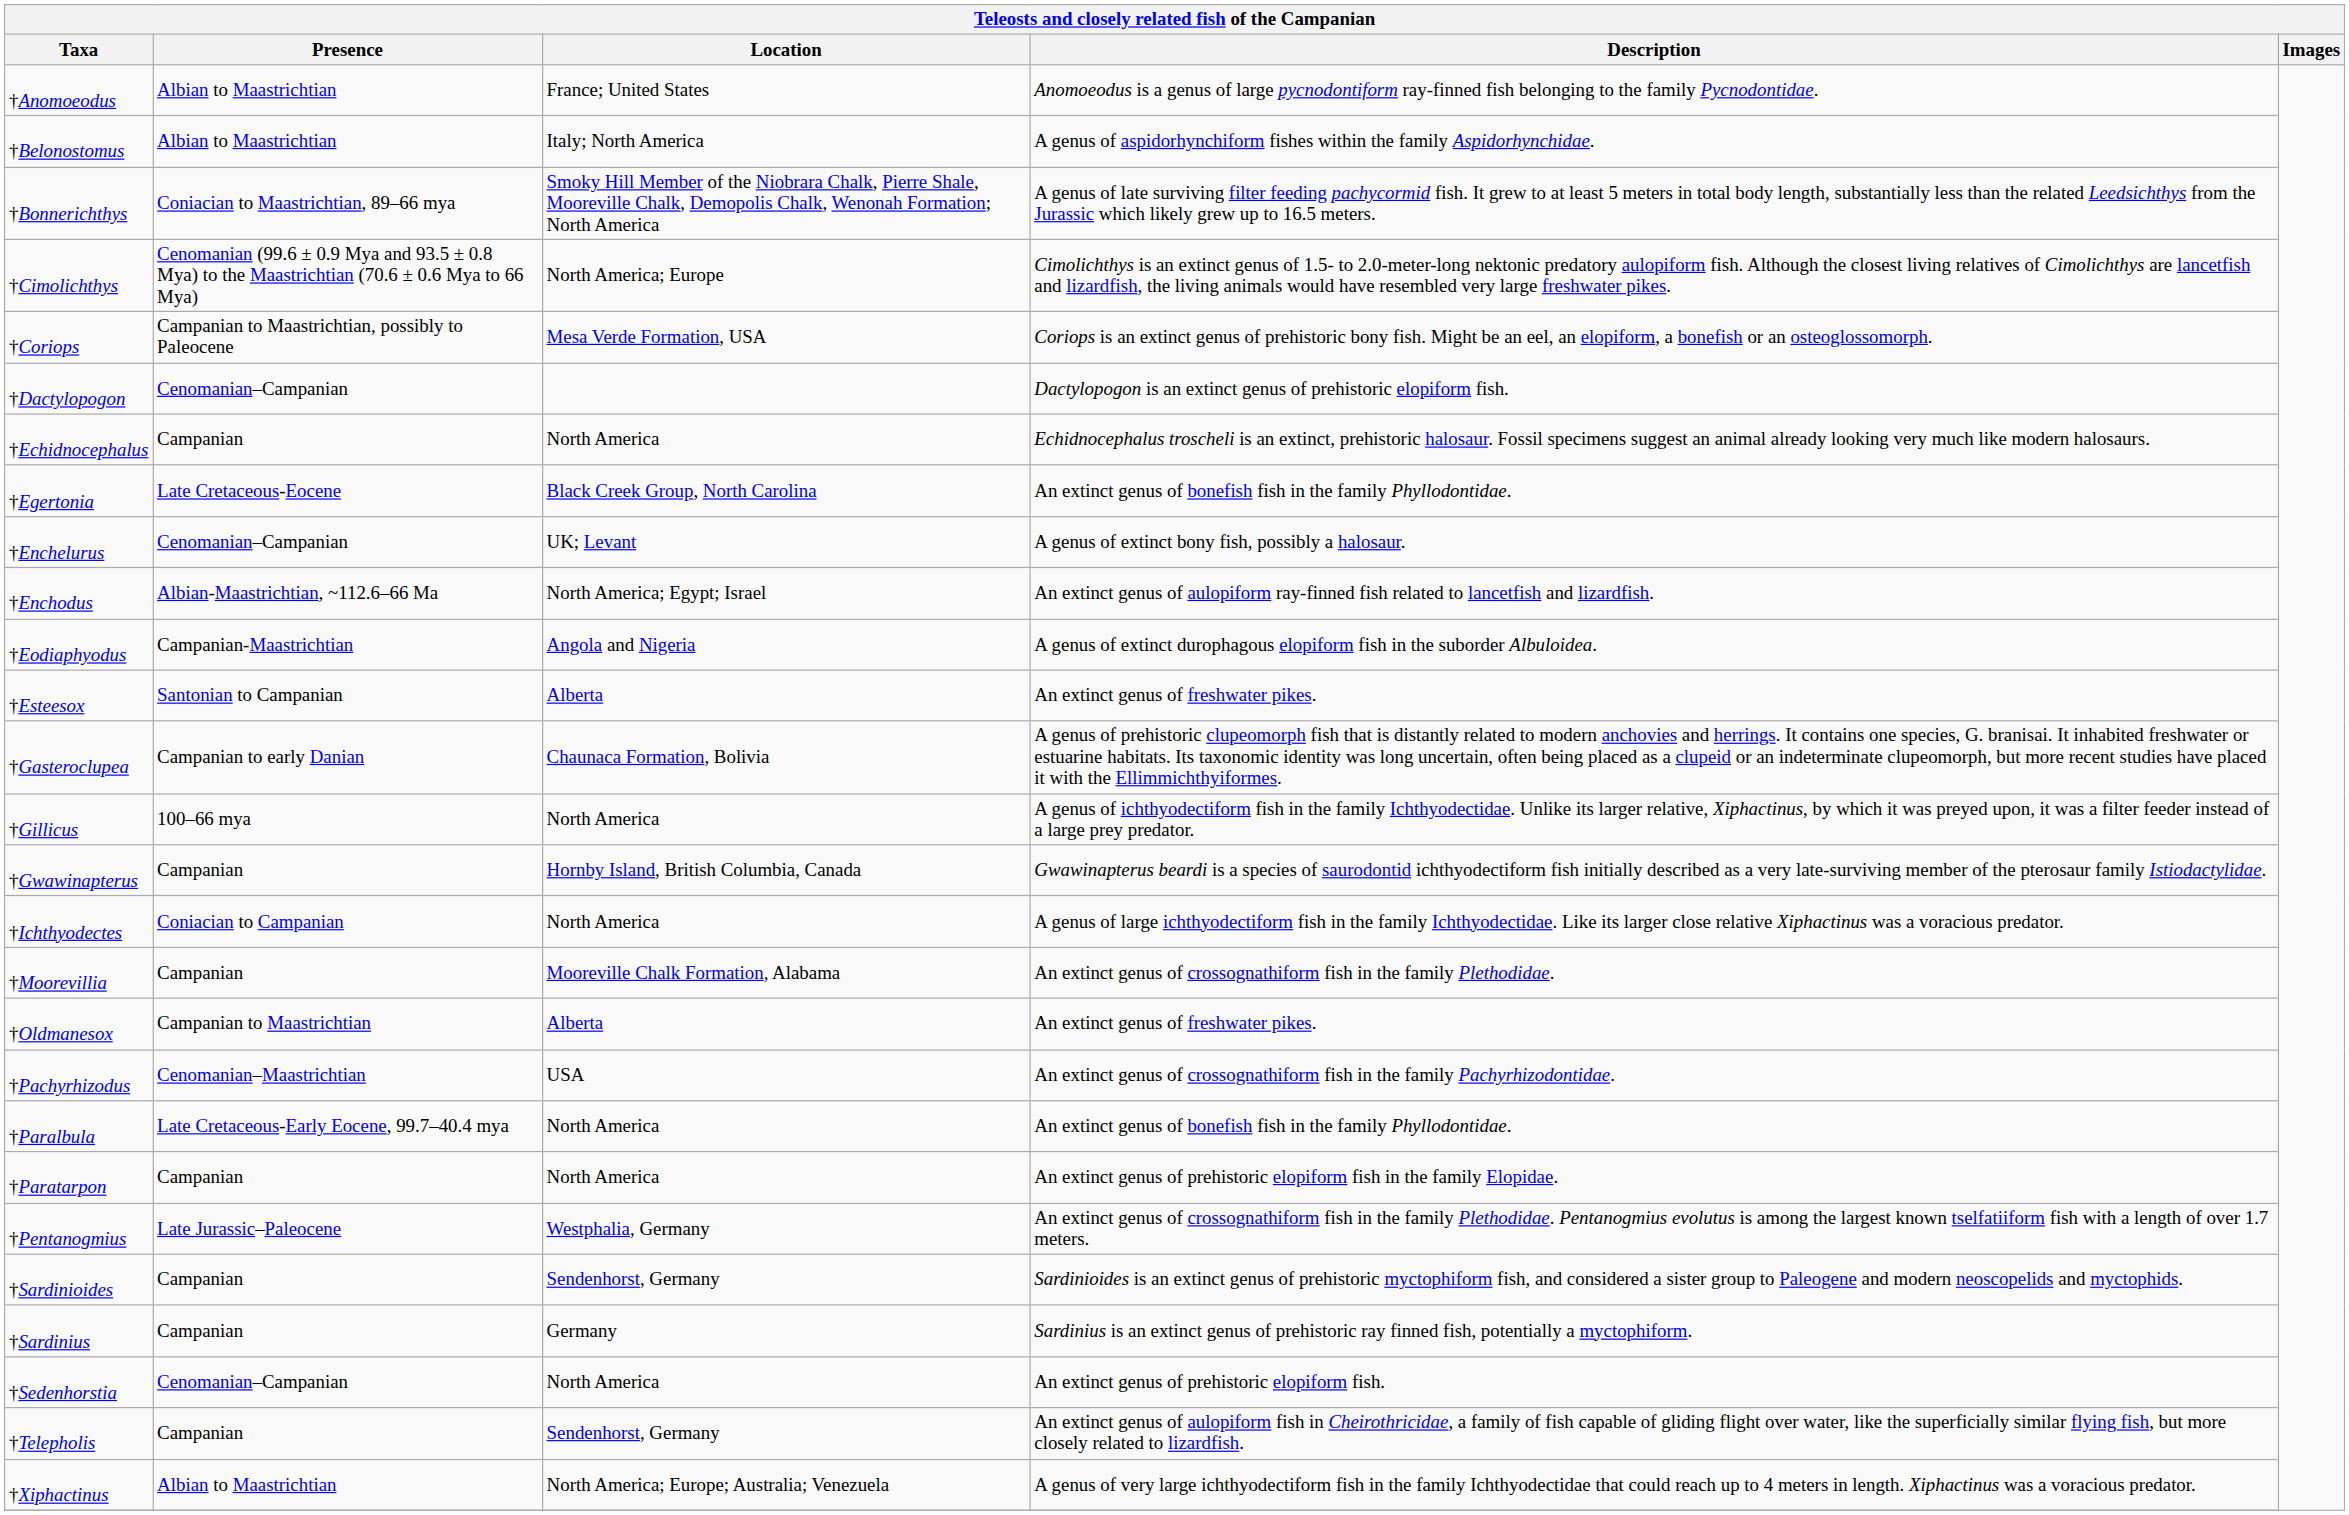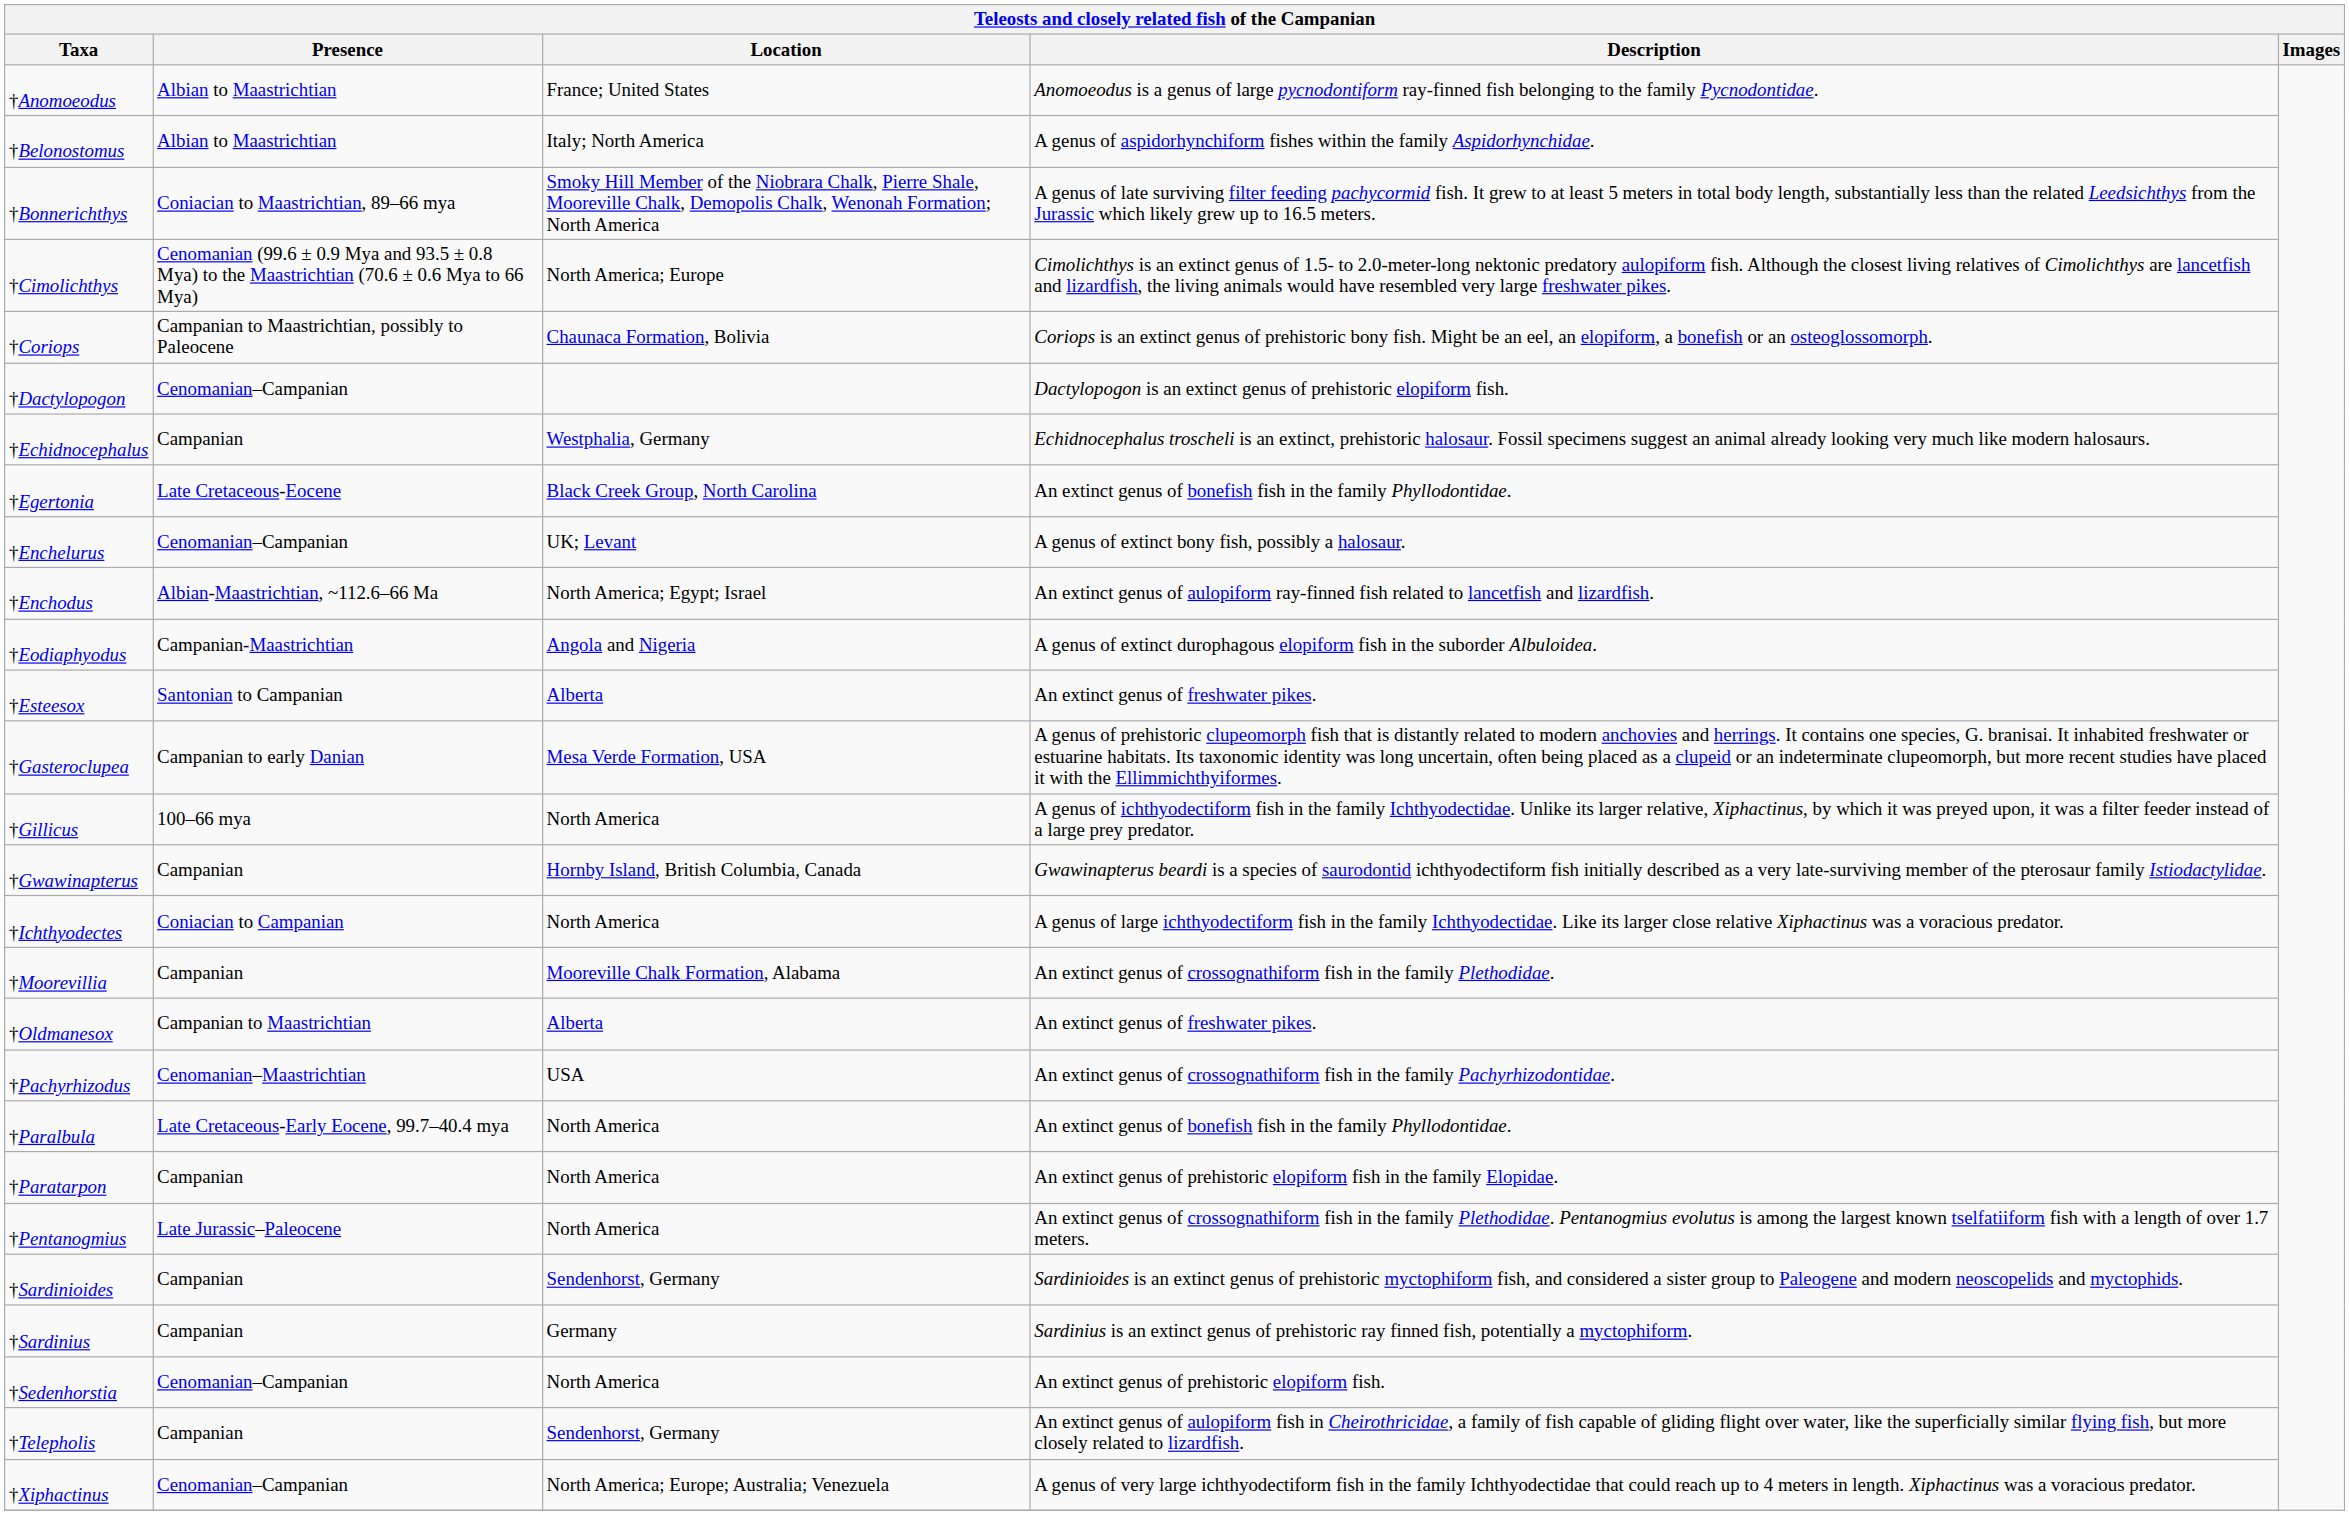 <table class="wikitable" align="center" width="100%">
 <tr>
 <th colspan="5" align="center"><a href='#'>Teleosts and closely related fish</a> of the Campanian</th>
 </tr>
 <tr>
 <th>Taxa</th>
 <th>Presence</th>
 <th>Location</th>
 <th>Description</th>
 <th>Images</th>
 </tr>
 <tr>
 <td><br>†<em><a href='#'>Anomoeodus</a></em></td>
 <td><a href='#'>Albian</a> to <a href='#'>Maastrichtian</a></td>
 <td>France; United States</td>
 <td><em>Anomoeodus</em> is a genus of large <em><a href='#'>pycnodontiform</a></em> ray-finned fish belonging to the family <em><a href='#'>Pycnodontidae</a></em>.</td>
 <td rowspan="99"><br>       </td>
 </tr>
 <tr>
 <td><br>†<em><a href='#'>Belonostomus</a></em></td>
 <td><a href='#'>Albian</a> to <a href='#'>Maastrichtian</a></td>
 <td>Italy; North America</td>
 <td>A genus of <a href='#'>aspidorhynchiform</a> fishes within the family <em><a href='#'>Aspidorhynchidae</a></em>.</td>
 </tr>
 <tr>
 <td><br>†<em><a href='#'>Bonnerichthys</a></em></td>
 <td><a href='#'>Coniacian</a> to <a href='#'>Maastrichtian</a>, 89–66 mya</td>
 <td><a href='#'>Smoky Hill Member</a> of the <a href='#'>Niobrara Chalk</a>, <a href='#'>Pierre Shale</a>, <a href='#'>Mooreville Chalk</a>, <a href='#'>Demopolis Chalk</a>, <a href='#'>Wenonah Formation</a>; North America</td>
 <td>A genus of late surviving <a href='#'>filter feeding</a> <em><a href='#'>pachycormid</a></em> fish. It grew to at least 5 meters in total body length, substantially less than the related <em><a href='#'>Leedsichthys</a></em> from the <a href='#'>Jurassic</a> which likely grew up to 16.5 meters.</td>
 </tr>
 <tr>
 <td><br>†<em><a href='#'>Cimolichthys</a></em></td>
 <td><a href='#'>Cenomanian</a> (99.6 ± 0.9 Mya and 93.5 ± 0.8 Mya) to the <a href='#'>Maastrichtian</a> (70.6 ± 0.6 Mya to 66 Mya)</td>
 <td>North America; Europe</td>
 <td><em>Cimolichthys</em> is an extinct genus of 1.5- to 2.0-meter-long nektonic predatory <a href='#'>aulopiform</a> fish. Although the closest living relatives of <em>Cimolichthys</em> are <a href='#'>lancetfish</a> and <a href='#'>lizardfish</a>, the living animals would have resembled very large <a href='#'>freshwater pikes</a>.</td>
 </tr>
 <tr>
 <td><br>†<em><a href='#'>Coriops</a></em></td>
 <td>Campanian to Maastrichtian, possibly to Paleocene</td>
-<td><a href='#'>Mesa Verde Formation</a>, USA</td>
+<td><a href='#'>Chaunaca Formation</a>, Bolivia</td>
 <td><em>Coriops</em> is an extinct genus of prehistoric bony fish. Might be an eel, an <a href='#'>elopiform</a>, a <a href='#'>bonefish</a> or an <a href='#'>osteoglossomorph</a>.</td>
 </tr>
 <tr>
 <td><br>†<em><a href='#'>Dactylopogon</a></em></td>
 <td><a href='#'>Cenomanian</a>–Campanian</td>
 <td></td>
 <td><em>Dactylopogon</em> is an extinct genus of prehistoric <a href='#'>elopiform</a> fish.</td>
 </tr>
 <tr>
 <td><br>†<em><a href='#'>Echidnocephalus</a></em></td>
 <td>Campanian</td>
-<td>North America</td>
+<td><a href='#'>Westphalia</a>, Germany</td>
 <td><em>Echidnocephalus troscheli</em> is an extinct, prehistoric <a href='#'>halosaur</a>. Fossil specimens suggest an animal already looking very much like modern halosaurs.</td>
 </tr>
 <tr>
 <td><br>†<em><a href='#'>Egertonia</a></em></td>
 <td><a href='#'>Late Cretaceous</a>-<a href='#'>Eocene</a></td>
 <td><a href='#'>Black Creek Group</a>, <a href='#'>North Carolina</a></td>
 <td>An extinct genus of <a href='#'>bonefish</a> fish in the family <em>Phyllodontidae</em>.</td>
 </tr>
 <tr>
 <td><br>†<em><a href='#'>Enchelurus</a></em></td>
 <td><a href='#'>Cenomanian</a>–Campanian</td>
 <td>UK; <a href='#'>Levant</a></td>
 <td>A genus of extinct bony fish, possibly a <a href='#'>halosaur</a>.</td>
 </tr>
 <tr>
 <td><br>†<em><a href='#'>Enchodus</a></em></td>
 <td><a href='#'>Albian</a>-<a href='#'>Maastrichtian</a>, ~112.6–66 Ma</td>
 <td>North America; Egypt; Israel</td>
 <td>An extinct genus of <a href='#'>aulopiform</a> ray-finned fish related to <a href='#'>lancetfish</a> and <a href='#'>lizardfish</a>.</td>
 </tr>
 <tr>
 <td><br>†<em><a href='#'>Eodiaphyodus</a></em></td>
 <td>Campanian-<a href='#'>Maastrichtian</a></td>
 <td><a href='#'>Angola</a> and <a href='#'>Nigeria</a></td>
 <td>A genus of extinct durophagous <a href='#'>elopiform</a> fish in the suborder <em>Albuloidea</em>.</td>
 </tr>
 <tr>
 <td><br>†<em><a href='#'>Esteesox</a></em></td>
 <td><a href='#'>Santonian</a> to Campanian</td>
 <td><a href='#'>Alberta</a></td>
 <td>An extinct genus of <a href='#'>freshwater pikes</a>.</td>
 </tr>
 <tr>
 <td><br>†<em><a href='#'>Gasteroclupea</a></em></td>
 <td>Campanian to early <a href='#'>Danian</a></td>
-<td><a href='#'>Chaunaca Formation</a>, Bolivia</td>
+<td><a href='#'>Mesa Verde Formation</a>, USA</td>
 <td>A genus of prehistoric <a href='#'>clupeomorph</a> fish that is distantly related to modern <a href='#'>anchovies</a> and <a href='#'>herrings</a>. It contains one species, G. branisai. It inhabited freshwater or estuarine habitats. Its taxonomic identity was long uncertain, often being placed as a <a href='#'>clupeid</a> or an indeterminate clupeomorph, but more recent studies have placed it with the <a href='#'>Ellimmichthyiformes</a>.</td>
 </tr>
 <tr>
 <td><br>†<em><a href='#'>Gillicus</a></em></td>
 <td>100–66 mya</td>
 <td>North America</td>
 <td>A genus of <a href='#'>ichthyodectiform</a> fish in the family <a href='#'>Ichthyodectidae</a>. Unlike its larger relative, <em>Xiphactinus</em>, by which it was preyed upon, it was a filter feeder instead of a large prey predator.</td>
 </tr>
 <tr>
 <td><br>†<em><a href='#'>Gwawinapterus</a></em></td>
 <td>Campanian</td>
 <td><a href='#'>Hornby Island</a>, British Columbia, Canada</td>
 <td><em>Gwawinapterus beardi</em> is a species of <a href='#'>saurodontid</a> ichthyodectiform fish initially described as a very late-surviving member of the pterosaur family <em><a href='#'>Istiodactylidae</a></em>.</td>
 </tr>
 <tr>
 <td><br>†<em><a href='#'>Ichthyodectes</a></em></td>
 <td><a href='#'>Coniacian</a> to <a href='#'>Campanian</a></td>
 <td>North America</td>
 <td>A genus of large <a href='#'>ichthyodectiform</a> fish in the family <a href='#'>Ichthyodectidae</a>. Like its larger close relative <em>Xiphactinus</em> was a voracious predator.</td>
 </tr>
 <tr>
 <td><br>†<em><a href='#'>Moorevillia</a></em></td>
 <td>Campanian</td>
 <td><a href='#'>Mooreville Chalk Formation</a>, Alabama</td>
 <td>An extinct genus of <a href='#'>crossognathiform</a> fish in the family <em><a href='#'>Plethodidae</a></em>.</td>
 </tr>
 <tr>
 <td><br>†<em><a href='#'>Oldmanesox</a></em></td>
 <td>Campanian to <a href='#'>Maastrichtian</a></td>
 <td><a href='#'>Alberta</a></td>
 <td>An extinct genus of <a href='#'>freshwater pikes</a>.</td>
 </tr>
 <tr>
 <td><br>†<em><a href='#'>Pachyrhizodus</a></em></td>
 <td><a href='#'>Cenomanian</a>–<a href='#'>Maastrichtian</a></td>
 <td>USA</td>
 <td>An extinct genus of <a href='#'>crossognathiform</a> fish in the family <em><a href='#'>Pachyrhizodontidae</a></em>.</td>
 </tr>
 <tr>
 <td><br>†<em><a href='#'>Paralbula</a></em></td>
 <td><a href='#'>Late Cretaceous</a>-<a href='#'>Early Eocene</a>, 99.7–40.4 mya</td>
 <td>North America</td>
 <td>An extinct genus of <a href='#'>bonefish</a> fish in the family <em>Phyllodontidae</em>.</td>
 </tr>
 <tr>
 <td><br>†<em><a href='#'>Paratarpon</a></em></td>
 <td>Campanian</td>
 <td>North America</td>
 <td>An extinct genus of prehistoric <a href='#'>elopiform</a> fish in the family <a href='#'>Elopidae</a>.</td>
 </tr>
 <tr>
 <td><br>†<em><a href='#'>Pentanogmius</a></em></td>
 <td><a href='#'>Late Jurassic</a>–<a href='#'>Paleocene</a></td>
-<td><a href='#'>Westphalia</a>, Germany</td>
+<td>North America</td>
 <td>An extinct genus of <a href='#'>crossognathiform</a> fish in the family <em><a href='#'>Plethodidae</a></em>. <em>Pentanogmius evolutus</em> is among the largest known <a href='#'>tselfatiiform</a> fish with a length of over 1.7 meters.</td>
 </tr>
 <tr>
 <td><br>†<em><a href='#'>Sardinioides</a></em></td>
 <td>Campanian</td>
 <td><a href='#'>Sendenhorst</a>, Germany</td>
 <td><em>Sardinioides</em> is an extinct genus of prehistoric <a href='#'>myctophiform</a> fish, and considered a sister group to <a href='#'>Paleogene</a> and modern <a href='#'>neoscopelids</a> and <a href='#'>myctophids</a>.</td>
 </tr>
 <tr>
 <td><br>†<em><a href='#'>Sardinius</a></em></td>
 <td>Campanian</td>
 <td>Germany</td>
 <td><em>Sardinius</em> is an extinct genus of prehistoric ray finned fish, potentially a <a href='#'>myctophiform</a>.</td>
 </tr>
 <tr>
 <td><br>†<em><a href='#'>Sedenhorstia</a></em></td>
 <td><a href='#'>Cenomanian</a>–Campanian</td>
 <td>North America</td>
 <td>An extinct genus of prehistoric <a href='#'>elopiform</a> fish.</td>
 </tr>
 <tr>
 <td><br>†<em><a href='#'>Telepholis</a></em></td>
 <td>Campanian</td>
 <td><a href='#'>Sendenhorst</a>, Germany</td>
 <td>An extinct genus of <a href='#'>aulopiform</a> fish in <em><a href='#'>Cheirothricidae</a></em>, a family of fish capable of gliding flight over water, like the superficially similar <a href='#'>flying fish</a>, but more closely related to <a href='#'>lizardfish</a>.</td>
 </tr>
 <tr>
 <td><br>†<em><a href='#'>Xiphactinus</a></em></td>
-<td><a href='#'>Albian</a> to <a href='#'>Maastrichtian</a></td>
+<td><a href='#'>Cenomanian</a>–Campanian</td>
 <td>North America; Europe; Australia; Venezuela</td>
 <td>A genus of very large ichthyodectiform fish in the family Ichthyodectidae that could reach up to 4 meters in length. <em>Xiphactinus</em> was a voracious predator.</td>
 </tr>
 <tr>
 </tr>
 </table>
